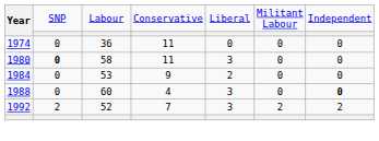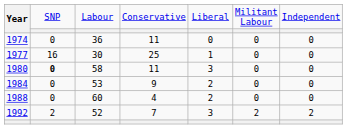 <table class=wikitable style=text-align:center>
 <tr>
 <th rowspan=2>Year</th>
 <td width="60"><a href='#'>SNP</a></td>
 <td width="60"><a href='#'>Labour</a></td>
 <td width="60"><a href='#'>Conservative</a></td>
 <td width="60"><a href='#'>Liberal</a></td>
 <td width="60"><a href='#'>Militant Labour</a></td>
 <td width="60"><a href='#'>Independent</a></td>
 </tr>
 <tr>
 <th style="background-color: "></th>
 <th style="background-color: "></th>
 <th style="background-color: "></th>
 <th style="background-color: "></th>
 <th style="background-color: "></th>
 <th style="background-color: "></th>
 </tr>
 <tr>
 <td><a href='#'>1974</a></td>
 <td>0</td>
 <td>36</td>
 <td>11</td>
 <td>0</td>
 <td>0</td>
 <td>0</td>
 </tr>
 <tr>
+<td><a href='#'>1977</a></td>
+<td>16</td>
+<td>30</td>
+<td>25</td>
+<td>1</td>
+<td>0</td>
+<td>0</td>
+</tr>
+<tr>
 <td><a href='#'>1980</a></td>
 <td><strong>0</strong></td>
 <td>58</td>
 <td>11</td>
 <td>3</td>
 <td>0</td>
 <td>0</td>
 </tr>
 <tr>
 <td><a href='#'>1984</a></td>
 <td>0</td>
 <td>53</td>
 <td>9</td>
 <td>2</td>
 <td>0</td>
 <td>0</td>
 </tr>
 <tr>
 <td><a href='#'>1988</a></td>
 <td>0</td>
 <td>60</td>
 <td>4</td>
-<td>3</td>
+<td>2</td>
 <td>0</td>
-<td><strong>0</strong></td>
+<td>0</td>
 </tr>
 <tr>
 <td><a href='#'>1992</a></td>
 <td>2</td>
 <td>52</td>
 <td>7</td>
 <td>3</td>
 <td>2</td>
 <td>2</td>
 </tr>
 <tr>
 <th></th>
 <th style="background-color: "></th>
 <th style="background-color: "></th>
 <th style="background-color: "></th>
 <th style="background-color: "></th>
 <th style="background-color: "></th>
 <th style="background-color: "></th>
 </tr>
 </table>
